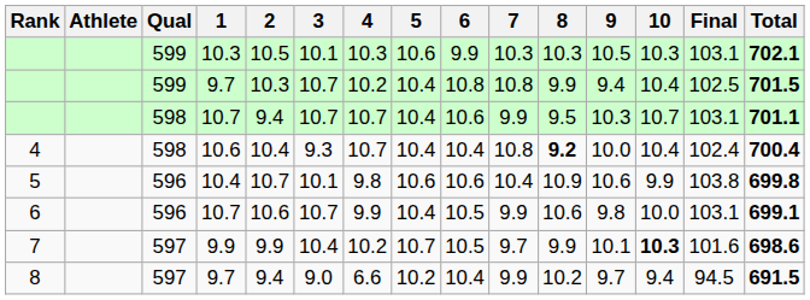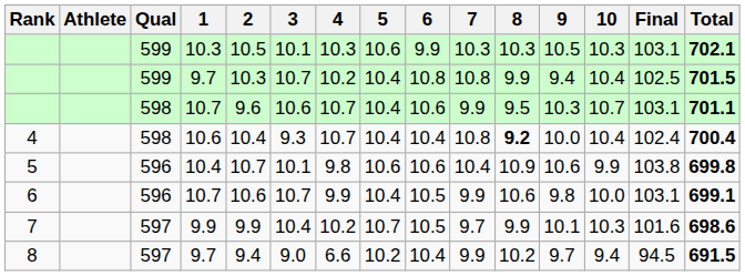 <table class="wikitable sortable">
 <tr>
 <th>Rank</th>
 <th>Athlete</th>
 <th>Qual</th>
 <th class="unsortable" style="width: 28px">1</th>
 <th class="unsortable" style="width: 28px">2</th>
 <th class="unsortable" style="width: 28px">3</th>
 <th class="unsortable" style="width: 28px">4</th>
 <th class="unsortable" style="width: 28px">5</th>
 <th class="unsortable" style="width: 28px">6</th>
 <th class="unsortable" style="width: 28px">7</th>
 <th class="unsortable" style="width: 28px">8</th>
 <th class="unsortable" style="width: 28px">9</th>
 <th class="unsortable" style="width: 28px">10</th>
 <th>Final</th>
 <th>Total</th>
 </tr>
 <tr bgcolor=ccffcc>
 <td align="center"></td>
 <td></td>
 <td align="center">599</td>
 <td align="center">10.3</td>
 <td align="center">10.5</td>
 <td align="center">10.1</td>
 <td align="center">10.3</td>
 <td align="center">10.6</td>
 <td align="center">9.9</td>
 <td align="center">10.3</td>
 <td align="center">10.3</td>
 <td align="center">10.5</td>
 <td align="center">10.3</td>
 <td align="center">103.1</td>
 <td align="center"><strong>702.1</strong></td>
 </tr>
 <tr bgcolor=ccffcc>
 <td align="center"></td>
 <td></td>
 <td align="center">599</td>
 <td align="center">9.7</td>
 <td align="center">10.3</td>
 <td align="center">10.7</td>
 <td align="center">10.2</td>
 <td align="center">10.4</td>
 <td align="center">10.8</td>
 <td align="center">10.8</td>
 <td align="center">9.9</td>
 <td align="center">9.4</td>
 <td align="center">10.4</td>
 <td align="center">102.5</td>
 <td align="center"><strong>701.5</strong></td>
 </tr>
 <tr bgcolor=ccffcc>
 <td align="center"></td>
 <td></td>
 <td align="center">598</td>
 <td align="center">10.7</td>
-<td align="center">9.4</td>
-<td align="center">10.7</td>
+<td align="center">9.6</td>
+<td align="center">10.6</td>
 <td align="center">10.7</td>
 <td align="center">10.4</td>
 <td align="center">10.6</td>
 <td align="center">9.9</td>
 <td align="center">9.5</td>
 <td align="center">10.3</td>
 <td align="center">10.7</td>
 <td align="center">103.1</td>
 <td align="center"><strong>701.1</strong></td>
 </tr>
 <tr>
 <td align="center">4</td>
 <td></td>
 <td align="center">598</td>
 <td align="center">10.6</td>
 <td align="center">10.4</td>
 <td align="center">9.3</td>
 <td align="center">10.7</td>
 <td align="center">10.4</td>
 <td align="center">10.4</td>
 <td align="center">10.8</td>
 <td align="center"><strong>9.2</strong></td>
 <td align="center">10.0</td>
 <td align="center">10.4</td>
 <td align="center">102.4</td>
 <td align="center"><strong>700.4</strong></td>
 </tr>
 <tr>
 <td align="center">5</td>
 <td></td>
 <td align="center">596</td>
 <td align="center">10.4</td>
 <td align="center">10.7</td>
 <td align="center">10.1</td>
 <td align="center">9.8</td>
 <td align="center">10.6</td>
 <td align="center">10.6</td>
 <td align="center">10.4</td>
 <td align="center">10.9</td>
 <td align="center">10.6</td>
 <td align="center">9.9</td>
 <td align="center">103.8</td>
 <td align="center"><strong>699.8</strong></td>
 </tr>
 <tr>
 <td align="center">6</td>
 <td></td>
 <td align="center">596</td>
 <td align="center">10.7</td>
 <td align="center">10.6</td>
 <td align="center">10.7</td>
 <td align="center">9.9</td>
 <td align="center">10.4</td>
 <td align="center">10.5</td>
 <td align="center">9.9</td>
 <td align="center">10.6</td>
 <td align="center">9.8</td>
 <td align="center">10.0</td>
 <td align="center">103.1</td>
 <td align="center"><strong>699.1</strong></td>
 </tr>
 <tr>
 <td align="center">7</td>
 <td></td>
 <td align="center">597</td>
 <td align="center">9.9</td>
 <td align="center">9.9</td>
 <td align="center">10.4</td>
 <td align="center">10.2</td>
 <td align="center">10.7</td>
 <td align="center">10.5</td>
 <td align="center">9.7</td>
 <td align="center">9.9</td>
 <td align="center">10.1</td>
-<td align="center"><strong>10.3</strong></td>
+<td align="center">10.3</td>
 <td align="center">101.6</td>
 <td align="center"><strong>698.6</strong></td>
 </tr>
 <tr>
 <td align="center">8</td>
 <td></td>
 <td align="center">597</td>
 <td align="center">9.7</td>
 <td align="center">9.4</td>
 <td align="center">9.0</td>
 <td align="center">6.6</td>
 <td align="center">10.2</td>
 <td align="center">10.4</td>
 <td align="center">9.9</td>
 <td align="center">10.2</td>
 <td align="center">9.7</td>
 <td align="center">9.4</td>
 <td align="center">94.5</td>
 <td align="center"><strong>691.5</strong></td>
 </tr>
 </table>
